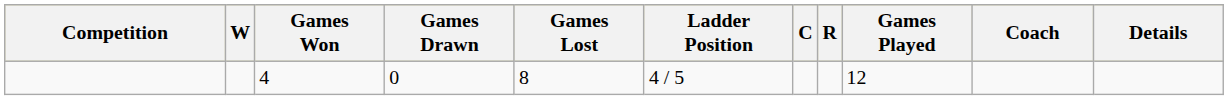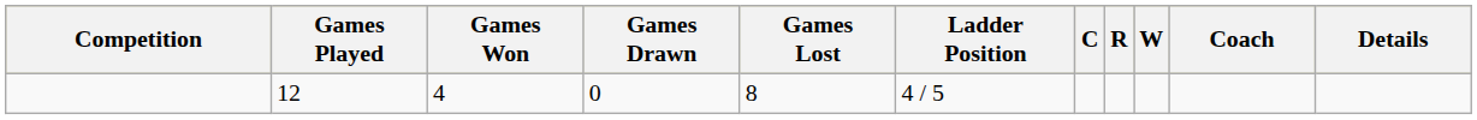 <table class="wikitable" width="100%" style="font-size:90%">
 <tr bgcolor=#bdb76b>
 <th>Competition</th>
-<th width="2%">W</th>
+<th>Games<br>Played</th>
 <th>Games<br>Won</th>
 <th>Games<br>Drawn</th>
 <th>Games<br>Lost</th>
 <th>Ladder<br>Position</th>
 <th width="2%">C</th>
 <th width="2%">R</th>
-<th>Games<br>Played</th>
+<th width="2%">W</th>
 <th>Coach</th>
 <th>Details</th>
 </tr>
 <tr>
 <td></td>
-<td></td>
+<td>12</td>
 <td>4</td>
 <td>0</td>
 <td>8</td>
 <td>4 / 5</td>
 <td></td>
 <td></td>
-<td>12</td>
+<td></td>
 <td rowspan="1"></td>
 <td></td>
 </tr>
 </table>
